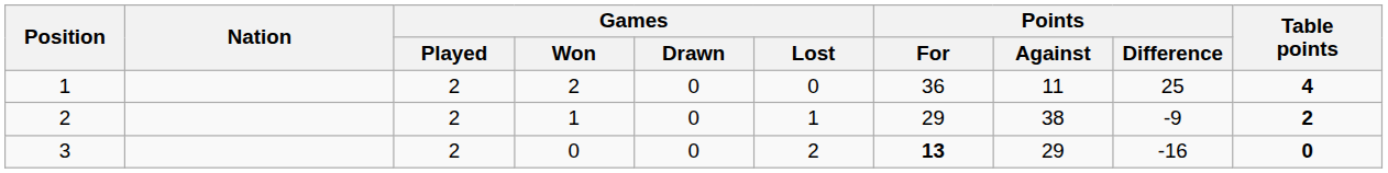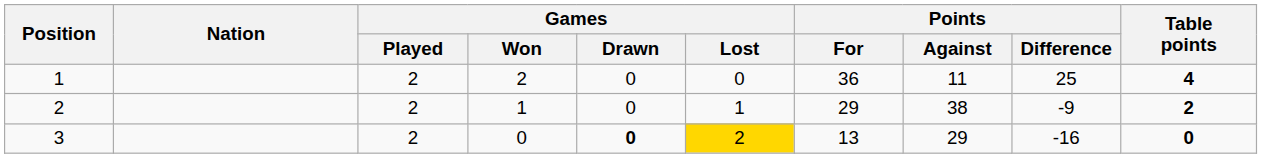 <table class="wikitable" style="text-align: center;">
 <tr>
 <th rowspan=2 width="8%">Position</th>
 <th rowspan=2 width="18%">Nation</th>
 <th colspan=4 width="32%">Games</th>
 <th colspan=3 width="32%">Points</th>
 <th rowspan=2 width="10%">Table<br>points</th>
 </tr>
 <tr>
 <th width="8%">Played</th>
 <th width="8%">Won</th>
 <th width="8%">Drawn</th>
 <th width="8%">Lost</th>
 <th width="8%">For</th>
 <th width="8%">Against</th>
 <th width="8%">Difference</th>
 </tr>
 <tr>
 <td>1</td>
 <td align=left></td>
 <td>2</td>
 <td>2</td>
 <td>0</td>
 <td>0</td>
 <td>36</td>
 <td>11</td>
 <td>25</td>
 <td><strong>4</strong></td>
 </tr>
 <tr>
 <td>2</td>
 <td align=left></td>
 <td>2</td>
 <td>1</td>
 <td>0</td>
 <td>1</td>
 <td>29</td>
 <td>38</td>
 <td>-9</td>
 <td><strong>2</strong></td>
 </tr>
 <tr>
 <td>3</td>
 <td align=left></td>
 <td>2</td>
 <td>0</td>
-<td>0</td>
-<td>2</td>
-<td><strong>13</strong></td>
+<td><strong>0</strong></td>
+<td style="background: gold;">2</td>
+<td>13</td>
 <td>29</td>
 <td>-16</td>
 <td><strong>0</strong></td>
 </tr>
 </table>
